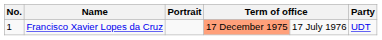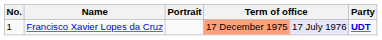 <table class="wikitable">
 <tr>
 <th>No.</th>
 <th>Name</th>
 <th>Portrait</th>
 <th colspan="2">Term of office</th>
 <th>Party</th>
 </tr>
 <tr>
 <td>1</td>
 <td><a href='#'>Francisco Xavier Lopes da Cruz</a></td>
 <td></td>
 <td style="background: lightsalmon;">17 December 1975</td>
-<td>17 July 1976</td>
-<td><a href='#'>UDT</a></td>
+<td style="background: lavender;">17 July 1976</td>
+<td><strong><a href='#'>UDT</a></strong></td>
 </tr>
 </table>
